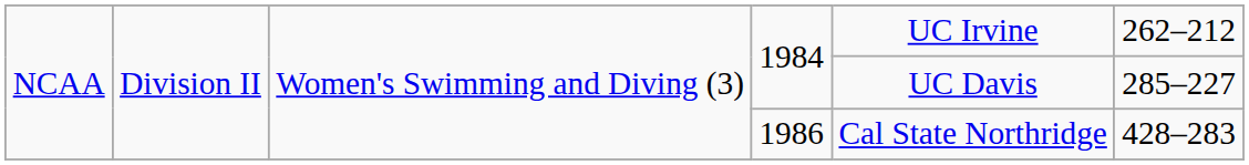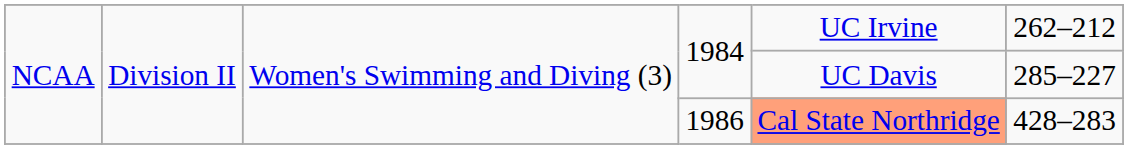 <table class="wikitable" style="text-align:center">
 <tr align="center">
 <td rowspan="3"><a href='#'>NCAA</a></td>
 <td rowspan="3"><a href='#'>Division II</a></td>
 <td rowspan="3"><a href='#'>Women's Swimming and Diving</a> (3)</td>
 <td rowspan="2">1984</td>
 <td><a href='#'>UC Irvine</a></td>
 <td>262–212</td>
 </tr>
 <tr align="center">
 <td><a href='#'>UC Davis</a></td>
 <td>285–227</td>
 </tr>
 <tr align="center">
 <td>1986</td>
-<td><a href='#'>Cal State Northridge</a></td>
+<td style="background: lightsalmon;"><a href='#'>Cal State Northridge</a></td>
 <td>428–283</td>
 </tr>
 </table>
